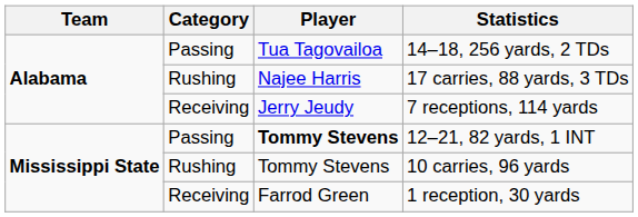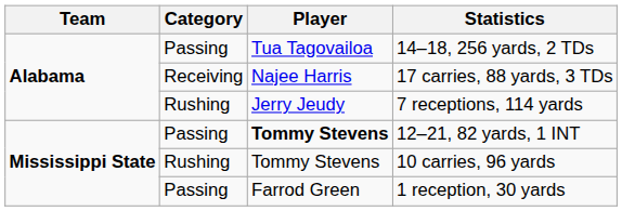 <table class="wikitable" style="float: right;">
 <tr>
 <th>Team</th>
 <th>Category</th>
 <th>Player</th>
 <th>Statistics</th>
 </tr>
 <tr>
 <td rowspan=3><strong>Alabama</strong></td>
 <td>Passing</td>
 <td><a href='#'>Tua Tagovailoa</a></td>
 <td>14–18, 256 yards, 2 TDs</td>
 </tr>
 <tr>
-<td>Rushing</td>
+<td>Receiving</td>
 <td><a href='#'>Najee Harris</a></td>
 <td>17 carries, 88 yards, 3 TDs</td>
 </tr>
 <tr>
-<td>Receiving</td>
+<td>Rushing</td>
 <td><a href='#'>Jerry Jeudy</a></td>
 <td>7 receptions, 114 yards</td>
 </tr>
 <tr>
 <td rowspan=3><strong>Mississippi State</strong></td>
 <td>Passing</td>
 <td><strong>Tommy Stevens</strong></td>
 <td>12–21, 82 yards, 1 INT</td>
 </tr>
 <tr>
 <td>Rushing</td>
 <td>Tommy Stevens</td>
 <td>10 carries, 96 yards</td>
 </tr>
 <tr>
-<td>Receiving</td>
+<td>Passing</td>
 <td>Farrod Green</td>
 <td>1 reception, 30 yards</td>
 </tr>
 </table>
